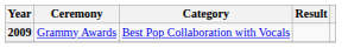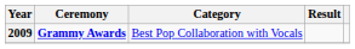 <table class="wikitable plainrowheaders">
 <tr>
 <th scope="col">Year</th>
 <th scope="col">Ceremony</th>
 <th scope="col">Category</th>
 <th scope="col">Result</th>
 <th scope="col"></th>
 </tr>
 <tr>
 <th scope="row">2009</th>
-<td><a href='#'>Grammy Awards</a></td>
+<td><strong><a href='#'>Grammy Awards</a></strong></td>
 <td><a href='#'>Best Pop Collaboration with Vocals</a></td>
 <td></td>
 <td style="text-align:center;"></td>
 </tr>
 <tr>
 </tr>
 </table>
